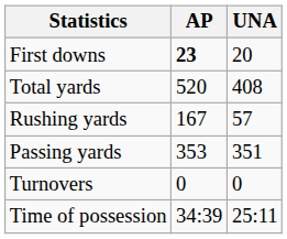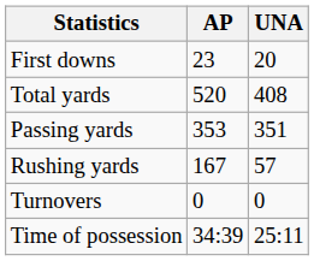 <table class="wikitable" style="float: left;">
 <tr>
 <th>Statistics</th>
 <th>AP</th>
 <th>UNA</th>
 </tr>
 <tr>
 <td>First downs</td>
-<td><strong>23</strong></td>
+<td>23</td>
 <td>20</td>
 </tr>
 <tr>
 <td>Total yards</td>
 <td>520</td>
 <td>408</td>
 </tr>
 <tr>
+<td>Passing yards</td>
+<td>353</td>
+<td>351</td>
+</tr>
+<tr>
 <td>Rushing yards</td>
 <td>167</td>
 <td>57</td>
-</tr>
-<tr>
-<td>Passing yards</td>
-<td>353</td>
-<td>351</td>
 </tr>
 <tr>
 <td>Turnovers</td>
 <td>0</td>
 <td>0</td>
 </tr>
 <tr>
 <td>Time of possession</td>
 <td>34:39</td>
 <td>25:11</td>
 </tr>
 </table>
